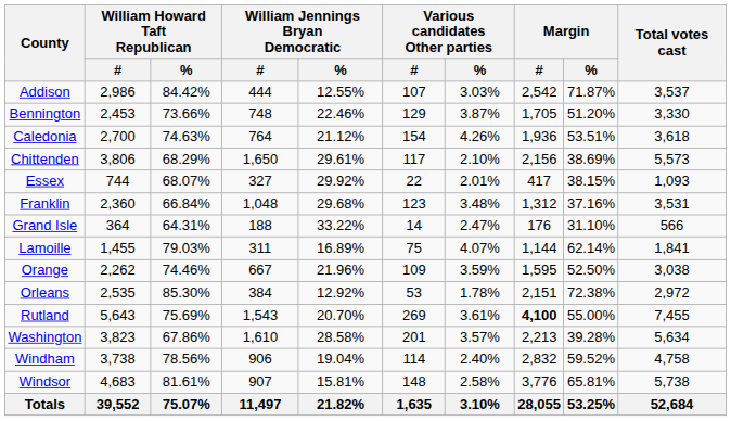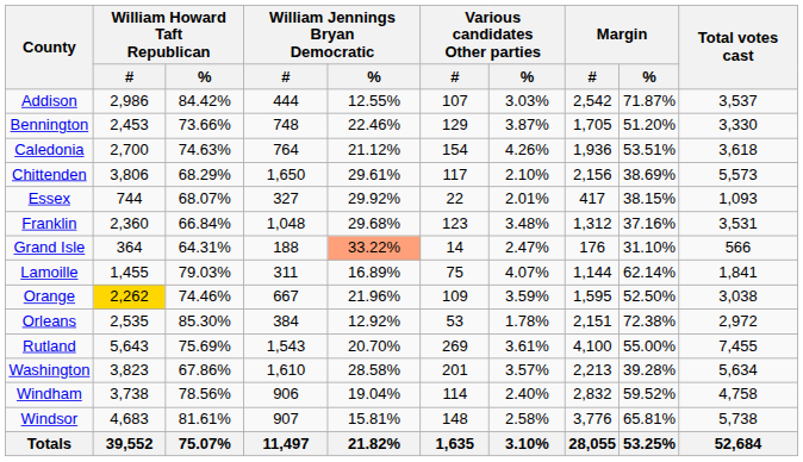 <table width="65%"  class="wikitable sortable" style="text-align:center">
 <tr>
 <th rowspan="2">County</th>
 <th style="text-align:center;" colspan="2">William Howard Taft<br>Republican</th>
 <th style="text-align:center;" colspan="2">William Jennings Bryan<br>Democratic</th>
 <th style="text-align:center;" colspan="2">Various candidates<br>Other parties</th>
 <th style="text-align:center;" colspan="2">Margin</th>
 <th rowspan="2" style="text-align:center;">Total votes cast</th>
 </tr>
 <tr>
 <th style="text-align:center;" data-sort-type="number">#</th>
 <th style="text-align:center;" data-sort-type="number">%</th>
 <th style="text-align:center;" data-sort-type="number">#</th>
 <th style="text-align:center;" data-sort-type="number">%</th>
 <th style="text-align:center;" data-sort-type="number">#</th>
 <th style="text-align:center;" data-sort-type="number">%</th>
 <th style="text-align:center;" data-sort-type="number">#</th>
 <th style="text-align:center;" data-sort-type="number">%</th>
 </tr>
 <tr style="text-align:center;">
 <td><a href='#'>Addison</a></td>
 <td>2,986</td>
 <td>84.42%</td>
 <td>444</td>
 <td>12.55%</td>
 <td>107</td>
 <td>3.03%</td>
 <td>2,542</td>
 <td>71.87%</td>
 <td>3,537</td>
 </tr>
 <tr style="text-align:center;">
 <td><a href='#'>Bennington</a></td>
 <td>2,453</td>
 <td>73.66%</td>
 <td>748</td>
 <td>22.46%</td>
 <td>129</td>
 <td>3.87%</td>
 <td>1,705</td>
 <td>51.20%</td>
 <td>3,330</td>
 </tr>
 <tr style="text-align:center;">
 <td><a href='#'>Caledonia</a></td>
 <td>2,700</td>
 <td>74.63%</td>
 <td>764</td>
 <td>21.12%</td>
 <td>154</td>
 <td>4.26%</td>
 <td>1,936</td>
 <td>53.51%</td>
 <td>3,618</td>
 </tr>
 <tr style="text-align:center;">
 <td><a href='#'>Chittenden</a></td>
 <td>3,806</td>
 <td>68.29%</td>
 <td>1,650</td>
 <td>29.61%</td>
 <td>117</td>
 <td>2.10%</td>
 <td>2,156</td>
 <td>38.69%</td>
 <td>5,573</td>
 </tr>
 <tr style="text-align:center;">
 <td><a href='#'>Essex</a></td>
 <td>744</td>
 <td>68.07%</td>
 <td>327</td>
 <td>29.92%</td>
 <td>22</td>
 <td>2.01%</td>
 <td>417</td>
 <td>38.15%</td>
 <td>1,093</td>
 </tr>
 <tr style="text-align:center;">
 <td><a href='#'>Franklin</a></td>
 <td>2,360</td>
 <td>66.84%</td>
 <td>1,048</td>
 <td>29.68%</td>
 <td>123</td>
 <td>3.48%</td>
 <td>1,312</td>
 <td>37.16%</td>
 <td>3,531</td>
 </tr>
 <tr style="text-align:center;">
 <td><a href='#'>Grand Isle</a></td>
 <td>364</td>
 <td>64.31%</td>
 <td>188</td>
-<td>33.22%</td>
+<td style="background: lightsalmon;">33.22%</td>
 <td>14</td>
 <td>2.47%</td>
 <td>176</td>
 <td>31.10%</td>
 <td>566</td>
 </tr>
 <tr style="text-align:center;">
 <td><a href='#'>Lamoille</a></td>
 <td>1,455</td>
 <td>79.03%</td>
 <td>311</td>
 <td>16.89%</td>
 <td>75</td>
 <td>4.07%</td>
 <td>1,144</td>
 <td>62.14%</td>
 <td>1,841</td>
 </tr>
 <tr style="text-align:center;">
 <td><a href='#'>Orange</a></td>
-<td>2,262</td>
+<td style="background: gold;">2,262</td>
 <td>74.46%</td>
 <td>667</td>
 <td>21.96%</td>
 <td>109</td>
 <td>3.59%</td>
 <td>1,595</td>
 <td>52.50%</td>
 <td>3,038</td>
 </tr>
 <tr style="text-align:center;">
 <td><a href='#'>Orleans</a></td>
 <td>2,535</td>
 <td>85.30%</td>
 <td>384</td>
 <td>12.92%</td>
 <td>53</td>
 <td>1.78%</td>
 <td>2,151</td>
 <td>72.38%</td>
 <td>2,972</td>
 </tr>
 <tr style="text-align:center;">
 <td><a href='#'>Rutland</a></td>
 <td>5,643</td>
 <td>75.69%</td>
 <td>1,543</td>
 <td>20.70%</td>
 <td>269</td>
 <td>3.61%</td>
-<td><strong>4,100</strong></td>
+<td>4,100</td>
 <td>55.00%</td>
 <td>7,455</td>
 </tr>
 <tr style="text-align:center;">
 <td><a href='#'>Washington</a></td>
 <td>3,823</td>
 <td>67.86%</td>
 <td>1,610</td>
 <td>28.58%</td>
 <td>201</td>
 <td>3.57%</td>
 <td>2,213</td>
 <td>39.28%</td>
 <td>5,634</td>
 </tr>
 <tr style="text-align:center;">
 <td><a href='#'>Windham</a></td>
 <td>3,738</td>
 <td>78.56%</td>
 <td>906</td>
 <td>19.04%</td>
 <td>114</td>
 <td>2.40%</td>
 <td>2,832</td>
 <td>59.52%</td>
 <td>4,758</td>
 </tr>
 <tr style="text-align:center;">
 <td><a href='#'>Windsor</a></td>
 <td>4,683</td>
 <td>81.61%</td>
 <td>907</td>
 <td>15.81%</td>
 <td>148</td>
 <td>2.58%</td>
 <td>3,776</td>
 <td>65.81%</td>
 <td>5,738</td>
 </tr>
 <tr style="text-align:center;">
 <th>Totals</th>
 <th>39,552</th>
 <th>75.07%</th>
 <th>11,497</th>
 <th>21.82%</th>
 <th>1,635</th>
 <th>3.10%</th>
 <th>28,055</th>
 <th>53.25%</th>
 <th>52,684</th>
 </tr>
 </table>
